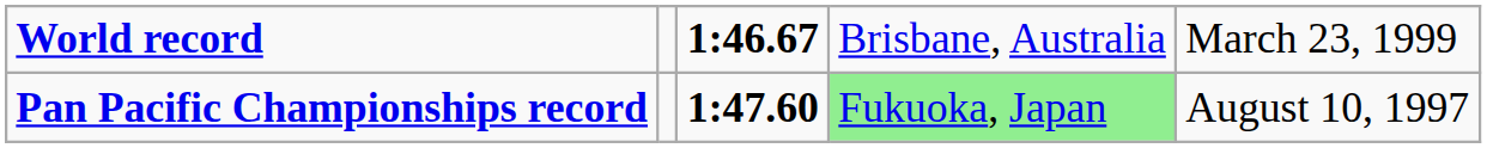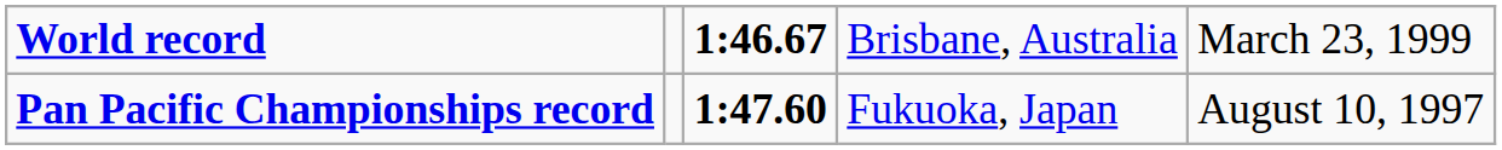 <table class="wikitable">
 <tr>
 <td><strong><a href='#'>World record</a></strong></td>
 <td></td>
 <td><strong>1:46.67</strong></td>
 <td><a href='#'>Brisbane</a>, <a href='#'>Australia</a></td>
 <td>March 23, 1999</td>
 </tr>
 <tr>
 <td><strong><a href='#'>Pan Pacific Championships record</a></strong></td>
 <td></td>
 <td><strong>1:47.60</strong></td>
-<td style="background: lightgreen;"><a href='#'>Fukuoka</a>, <a href='#'>Japan</a></td>
+<td><a href='#'>Fukuoka</a>, <a href='#'>Japan</a></td>
 <td>August 10, 1997</td>
 </tr>
 </table>
